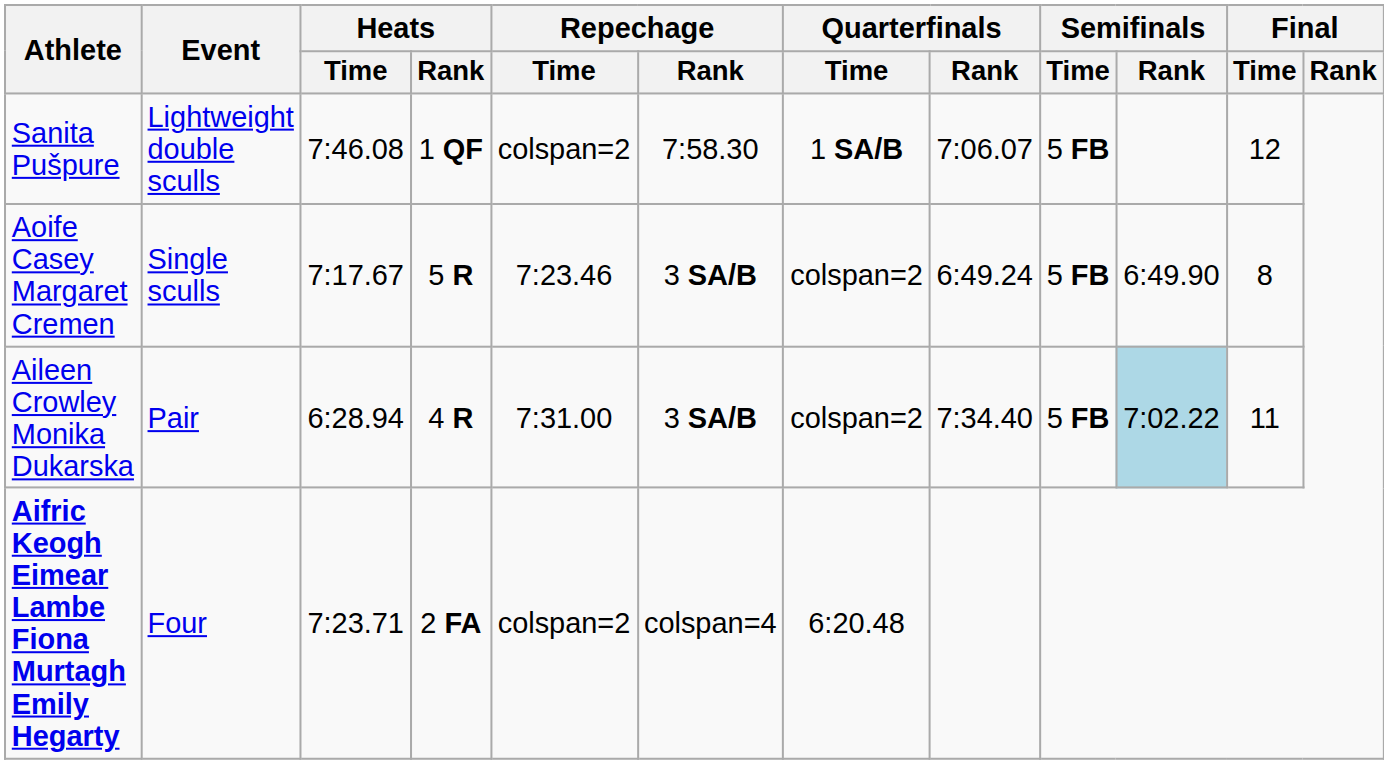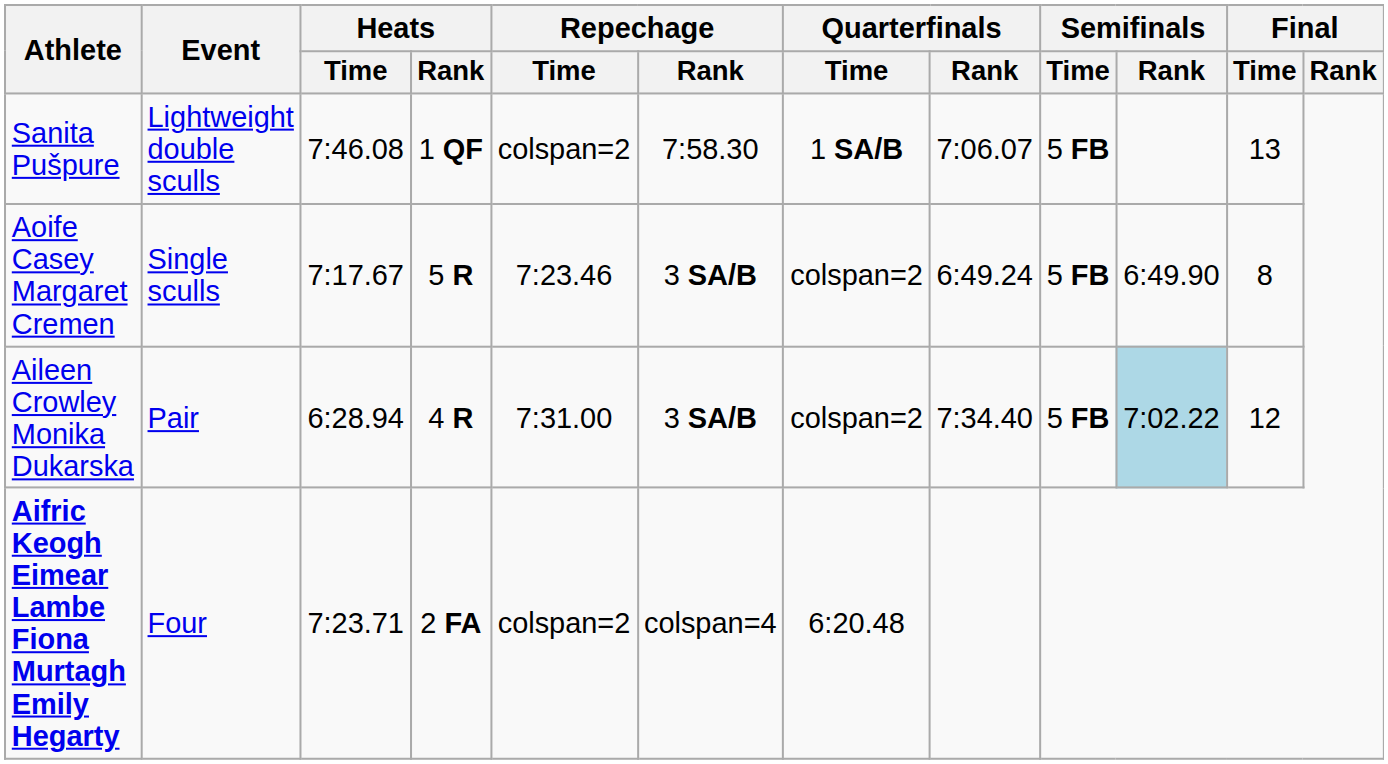 <table class="wikitable" style="font-size:90%">
 <tr>
 <th rowspan="2">Athlete</th>
 <th rowspan="2">Event</th>
 <th colspan="2">Heats</th>
 <th colspan="2">Repechage</th>
 <th colspan="2">Quarterfinals</th>
 <th colspan="2">Semifinals</th>
 <th colspan="2">Final</th>
 </tr>
 <tr style="font-size:95%">
 <th>Time</th>
 <th>Rank</th>
 <th>Time</th>
 <th>Rank</th>
 <th>Time</th>
 <th>Rank</th>
 <th>Time</th>
 <th>Rank</th>
 <th>Time</th>
 <th>Rank</th>
 </tr>
 <tr align=center>
 <td align=left><a href='#'>Sanita Pušpure</a></td>
 <td align=left><a href='#'>Lightweight double sculls</a></td>
 <td>7:46.08</td>
 <td>1 <strong>QF</strong></td>
 <td>colspan=2 </td>
 <td>7:58.30</td>
 <td>1 <strong>SA/B</strong></td>
 <td>7:06.07</td>
 <td>5 <strong>FB</strong></td>
 <td></td>
-<td>12</td>
+<td>13</td>
 </tr>
 <tr align=center>
 <td align=left><a href='#'>Aoife Casey</a><br><a href='#'>Margaret Cremen</a></td>
 <td align=left><a href='#'>Single sculls</a></td>
 <td>7:17.67</td>
 <td>5 <strong>R</strong></td>
 <td>7:23.46</td>
 <td>3 <strong>SA/B</strong></td>
 <td>colspan=2 </td>
 <td>6:49.24</td>
 <td>5 <strong>FB</strong></td>
 <td>6:49.90</td>
 <td>8</td>
 </tr>
 <tr align=center>
 <td align=left><a href='#'>Aileen Crowley</a><br><a href='#'>Monika Dukarska</a></td>
 <td align=left><a href='#'>Pair</a></td>
 <td>6:28.94</td>
 <td>4 <strong>R</strong></td>
 <td>7:31.00</td>
 <td>3 <strong>SA/B</strong></td>
 <td>colspan=2 </td>
 <td>7:34.40</td>
 <td>5 <strong>FB</strong></td>
 <td style="background: lightblue;">7:02.22</td>
-<td>11</td>
+<td>12</td>
 </tr>
 <tr align=center>
 <td align=left><strong><a href='#'>Aifric Keogh</a><br><a href='#'>Eimear Lambe</a><br><a href='#'>Fiona Murtagh</a><br><a href='#'>Emily Hegarty</a></strong></td>
 <td align=left><a href='#'>Four</a></td>
 <td>7:23.71</td>
 <td>2 <strong>FA</strong></td>
 <td>colspan=2 </td>
 <td>colspan=4 </td>
 <td>6:20.48</td>
 <td></td>
 </tr>
 </table>
